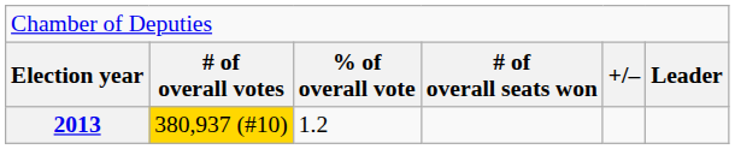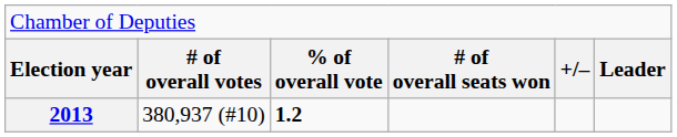 <table class=wikitable>
 <tr>
 <td colspan=7><a href='#'>Chamber of Deputies</a></td>
 </tr>
 <tr>
 <th>Election year</th>
 <th># of<br>overall votes</th>
 <th>% of<br>overall vote</th>
 <th># of<br>overall seats won</th>
 <th>+/–</th>
 <th>Leader</th>
 </tr>
 <tr>
 <th><a href='#'>2013</a></th>
-<td style="background: gold;">380,937 (#10)</td>
-<td>1.2</td>
+<td>380,937 (#10)</td>
+<td><strong>1.2</strong></td>
 <td></td>
 <td></td>
 <td></td>
 </tr>
 </table>
